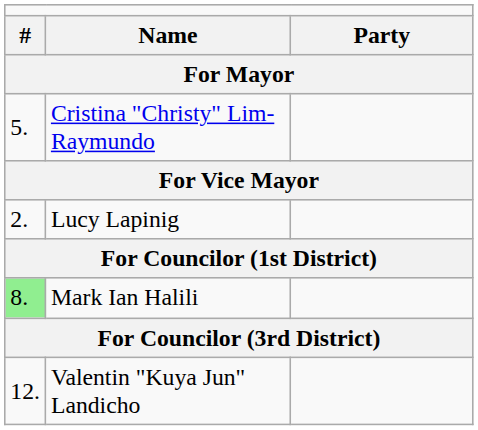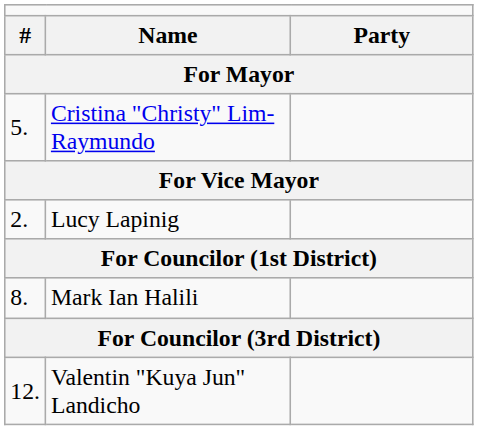 <table class=wikitable style="font-size:95%">
 <tr>
 <td colspan=4 bgcolor=></td>
 </tr>
 <tr>
 <th>#</th>
 <th width=150px>Name</th>
 <th colspan=2 width=110px>Party</th>
 </tr>
 <tr>
 <th colspan=4>For Mayor</th>
 </tr>
 <tr>
 <td>5.</td>
 <td><a href='#'>Cristina "Christy" Lim-Raymundo</a></td>
 <td></td>
 </tr>
 <tr>
 <th colspan=4>For Vice Mayor</th>
 </tr>
 <tr>
 <td>2.</td>
 <td>Lucy Lapinig</td>
 <td></td>
 </tr>
 <tr>
 <th colspan=4>For Councilor (1st District)</th>
 </tr>
 <tr>
-<td style="background: lightgreen;">8.</td>
+<td>8.</td>
 <td>Mark Ian Halili</td>
 <td></td>
 </tr>
 <tr>
 <th colspan=4>For Councilor (3rd District)</th>
 </tr>
 <tr>
 <td>12.</td>
 <td>Valentin "Kuya Jun" Landicho</td>
 <td></td>
 </tr>
 </table>
